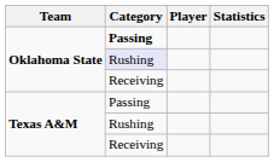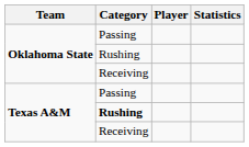 <table class="wikitable" style="float: right;">
 <tr>
 <th>Team</th>
 <th>Category</th>
 <th>Player</th>
 <th>Statistics</th>
 </tr>
 <tr>
 <td rowspan=3><strong>Oklahoma State</strong></td>
-<td><strong>Passing</strong></td>
+<td>Passing</td>
 <td></td>
 <td></td>
 </tr>
 <tr>
-<td style="background: lavender;">Rushing</td>
+<td>Rushing</td>
 <td></td>
 <td></td>
 </tr>
 <tr>
 <td>Receiving</td>
 <td></td>
 <td></td>
 </tr>
 <tr>
 <td rowspan=3><strong>Texas A&M</strong></td>
 <td>Passing</td>
 <td></td>
 <td></td>
 </tr>
 <tr>
-<td>Rushing</td>
+<td><strong>Rushing</strong></td>
 <td></td>
 <td></td>
 </tr>
 <tr>
 <td>Receiving</td>
 <td></td>
 <td></td>
 </tr>
 </table>
